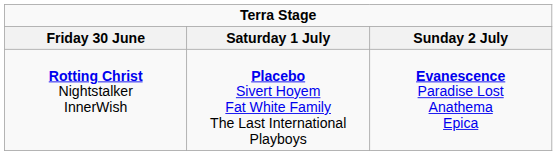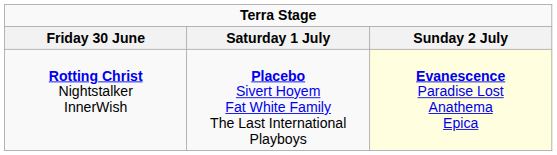 <table class="wikitable">
 <tr>
 <td colspan="3" align="center"><strong>Terra Stage</strong></td>
 </tr>
 <tr>
 <th>Friday 30 June</th>
 <th>Saturday 1 July</th>
 <th>Sunday 2 July</th>
 </tr>
 <tr>
 <td valign="top" align="center" width=200><br><strong><a href='#'>Rotting Christ</a></strong> <br>Nightstalker <br>InnerWish</td>
 <td valign="top" align="center" width=200><br><strong><a href='#'>Placebo</a></strong> <br><a href='#'>Sivert Hoyem</a> <br><a href='#'>Fat White Family</a> <br>The Last International Playboys</td>
-<td valign="top" align="center" width=200><br><strong><a href='#'>Evanescence</a></strong> <br><a href='#'>Paradise Lost</a> <br><a href='#'>Anathema</a> <br><a href='#'>Epica</a></td>
+<td valign="top" align="center" width=200 style="background: lightyellow;"><br><strong><a href='#'>Evanescence</a></strong> <br><a href='#'>Paradise Lost</a> <br><a href='#'>Anathema</a> <br><a href='#'>Epica</a></td>
 </tr>
 </table>
